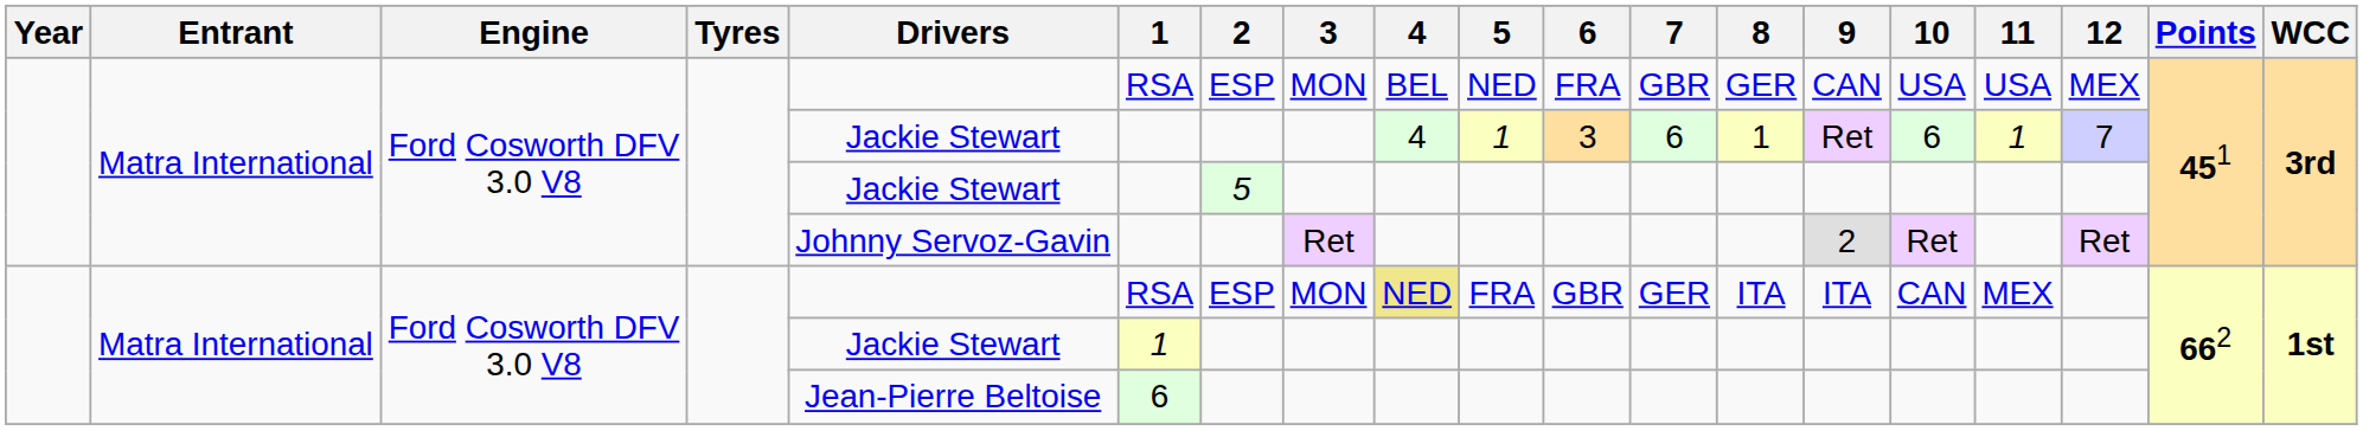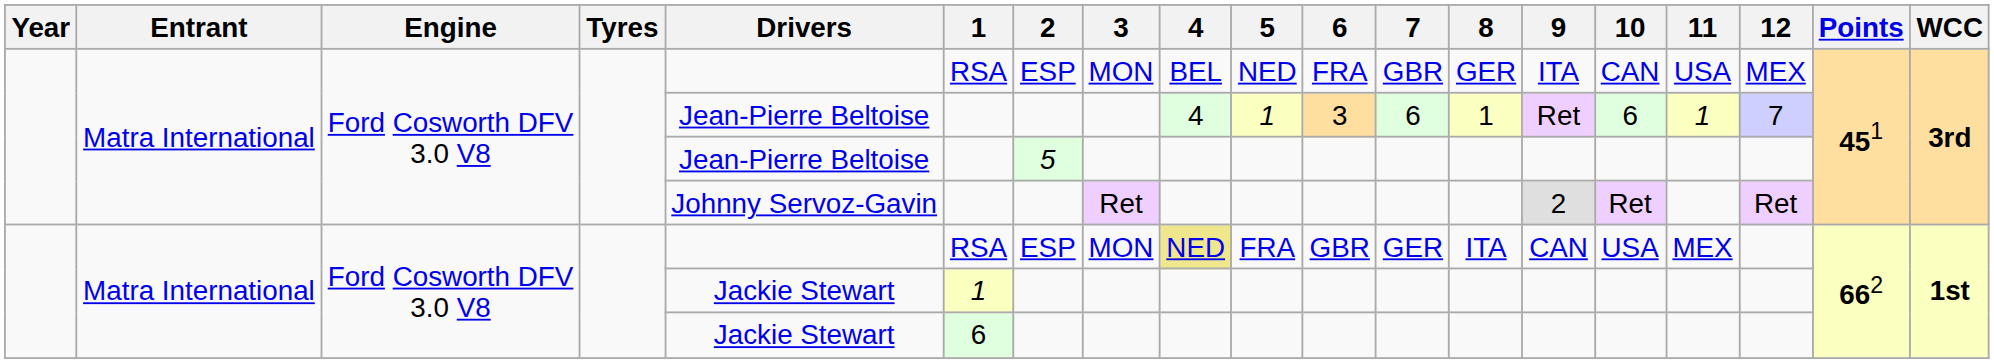 <table class="wikitable" style="text-align:center; font-size:95%">
 <tr>
 <th>Year</th>
 <th>Entrant</th>
 <th>Engine</th>
 <th>Tyres</th>
 <th>Drivers</th>
 <th>1</th>
 <th>2</th>
 <th>3</th>
 <th>4</th>
 <th>5</th>
 <th>6</th>
 <th>7</th>
 <th>8</th>
 <th>9</th>
 <th>10</th>
 <th>11</th>
 <th>12</th>
 <th><a href='#'>Points</a></th>
 <th>WCC</th>
 </tr>
 <tr>
 <td rowspan=4></td>
 <td rowspan=4><a href='#'>Matra International</a></td>
 <td rowspan=4><a href='#'>Ford</a> <a href='#'>Cosworth DFV</a> <br>3.0 <a href='#'>V8</a></td>
 <td rowspan=4></td>
 <td></td>
 <td><a href='#'>RSA</a></td>
 <td><a href='#'>ESP</a></td>
 <td><a href='#'>MON</a></td>
 <td><a href='#'>BEL</a></td>
 <td><a href='#'>NED</a></td>
 <td><a href='#'>FRA</a></td>
 <td><a href='#'>GBR</a></td>
 <td><a href='#'>GER</a></td>
+<td><a href='#'>ITA</a></td>
 <td><a href='#'>CAN</a></td>
-<td><a href='#'>USA</a></td>
 <td><a href='#'>USA</a></td>
 <td><a href='#'>MEX</a></td>
 <td rowspan="4" style="background:#ffdf9f;"><strong>45</strong><sup>1</sup></td>
 <td rowspan="4" style="background:#ffdf9f;"><strong>3rd</strong></td>
 </tr>
 <tr>
-<td><a href='#'>Jackie Stewart</a></td>
+<td><a href='#'>Jean-Pierre Beltoise</a></td>
 <td></td>
 <td></td>
 <td></td>
 <td style="background:#dfffdf;">4</td>
 <td style="background:#fbffbf;"><em>1</em></td>
 <td style="background:#ffdf9f;">3</td>
 <td style="background:#dfffdf;">6</td>
 <td style="background:#fbffbf;">1</td>
 <td style="background:#efcfff;">Ret</td>
 <td style="background:#dfffdf;">6</td>
 <td style="background:#fbffbf;"><em>1</em></td>
 <td style="background:#cfcfff;">7</td>
 </tr>
 <tr>
-<td><a href='#'>Jackie Stewart</a></td>
+<td><a href='#'>Jean-Pierre Beltoise</a></td>
 <td></td>
 <td style="background:#dfffdf;"><em>5</em></td>
 <td></td>
 <td></td>
 <td></td>
 <td></td>
 <td></td>
 <td></td>
 <td></td>
 <td></td>
 <td></td>
 <td></td>
 </tr>
 <tr>
 <td><a href='#'>Johnny Servoz-Gavin</a></td>
 <td></td>
 <td></td>
 <td style="background:#efcfff;">Ret</td>
 <td></td>
 <td></td>
 <td></td>
 <td></td>
 <td></td>
 <td style="background:#dfdfdf;">2</td>
 <td style="background:#efcfff;">Ret</td>
 <td></td>
 <td style="background:#efcfff;">Ret</td>
 </tr>
 <tr>
 <td rowspan=3></td>
 <td rowspan=3><a href='#'>Matra International</a></td>
 <td rowspan=3><a href='#'>Ford</a> <a href='#'>Cosworth DFV</a> <br>3.0 <a href='#'>V8</a></td>
 <td rowspan=3></td>
 <td></td>
 <td><a href='#'>RSA</a></td>
 <td><a href='#'>ESP</a></td>
 <td><a href='#'>MON</a></td>
 <td style="background: khaki;"><a href='#'>NED</a></td>
 <td><a href='#'>FRA</a></td>
 <td><a href='#'>GBR</a></td>
 <td><a href='#'>GER</a></td>
 <td><a href='#'>ITA</a></td>
-<td><a href='#'>ITA</a></td>
 <td><a href='#'>CAN</a></td>
+<td><a href='#'>USA</a></td>
 <td><a href='#'>MEX</a></td>
 <td></td>
 <td rowspan="3" style="background:#fbffbf;"><strong>66</strong><sup>2</sup></td>
 <td rowspan="3" style="background:#fbffbf;"><strong>1st</strong></td>
 </tr>
 <tr>
 <td><a href='#'>Jackie Stewart</a></td>
 <td style="background:#fbffbf;"><em>1</em></td>
 <td></td>
 <td></td>
 <td></td>
 <td></td>
 <td></td>
 <td></td>
 <td></td>
 <td></td>
 <td></td>
 <td></td>
 <td></td>
 </tr>
 <tr>
-<td><a href='#'>Jean-Pierre Beltoise</a></td>
+<td><a href='#'>Jackie Stewart</a></td>
 <td style="background:#dfffdf;">6</td>
 <td></td>
 <td></td>
 <td></td>
 <td></td>
 <td></td>
 <td></td>
 <td></td>
 <td></td>
 <td></td>
 <td></td>
 <td></td>
 </tr>
 </table>
